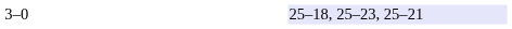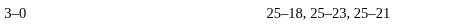 <table>
 <tr>
 <th width=200></th>
 <th width=80></th>
 <th width=200></th>
 <th width=220></th>
 </tr>
 <tr>
 <td align=right><strong></strong></td>
 <td>3–0</td>
 <td></td>
-<td style="background: lavender;">25–18, 25–23, 25–21</td>
+<td>25–18, 25–23, 25–21</td>
 </tr>
 </table>
